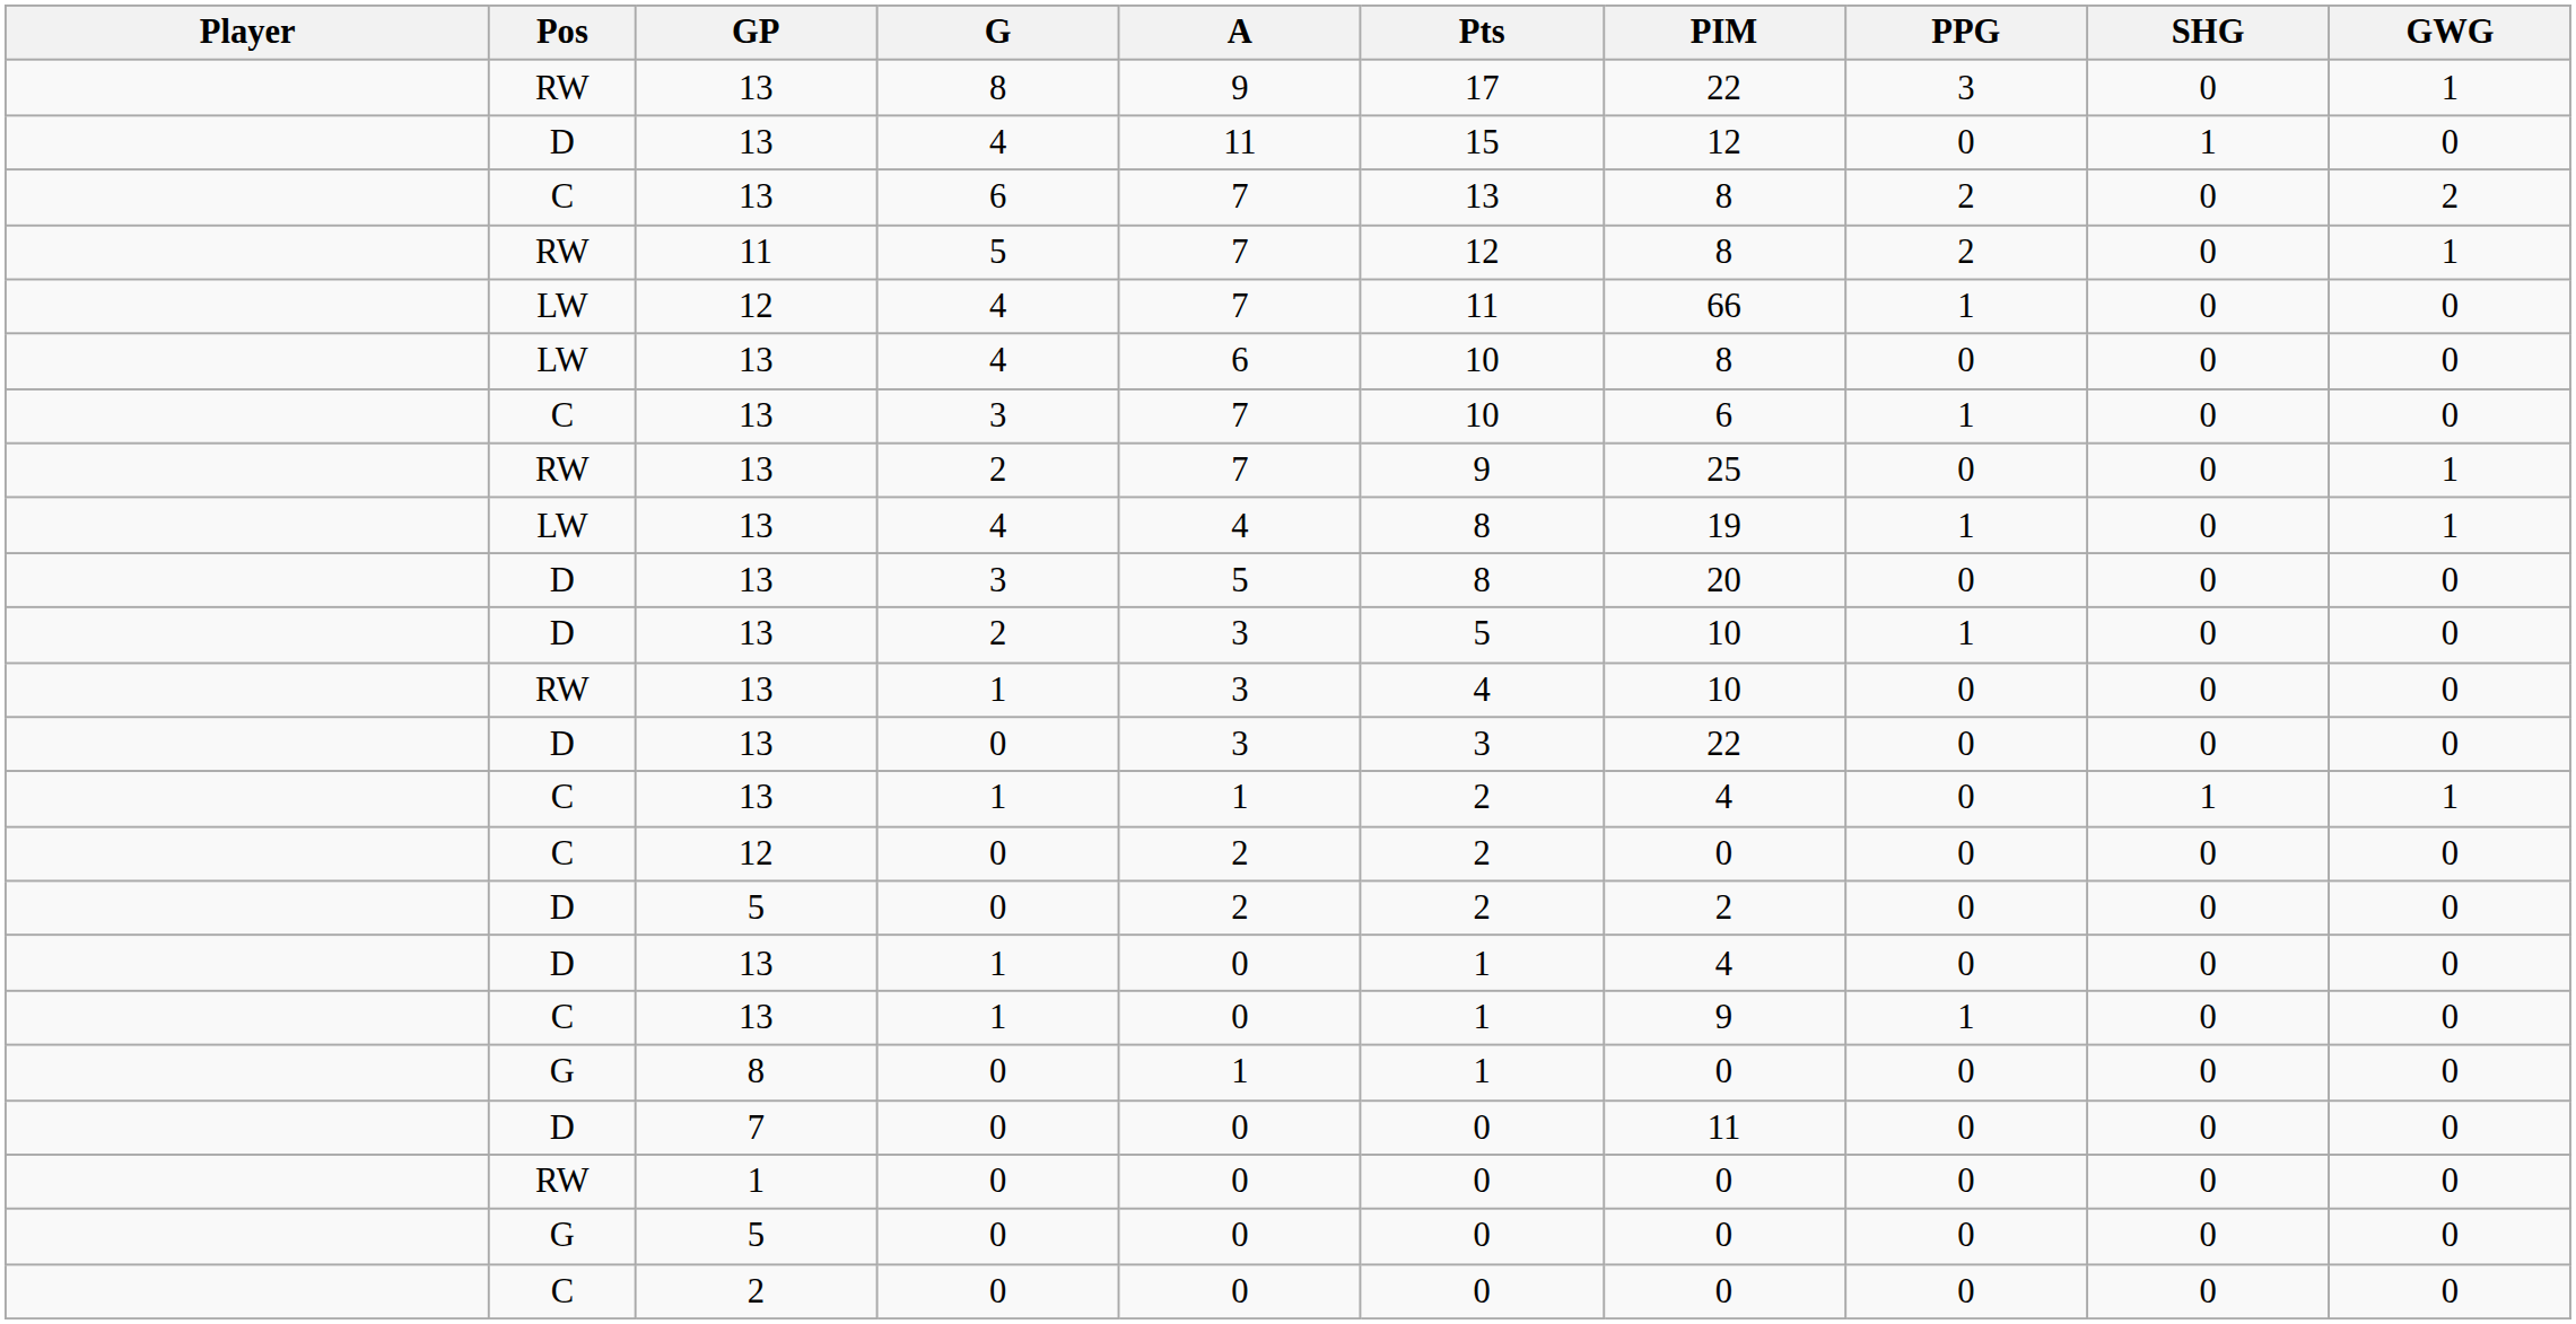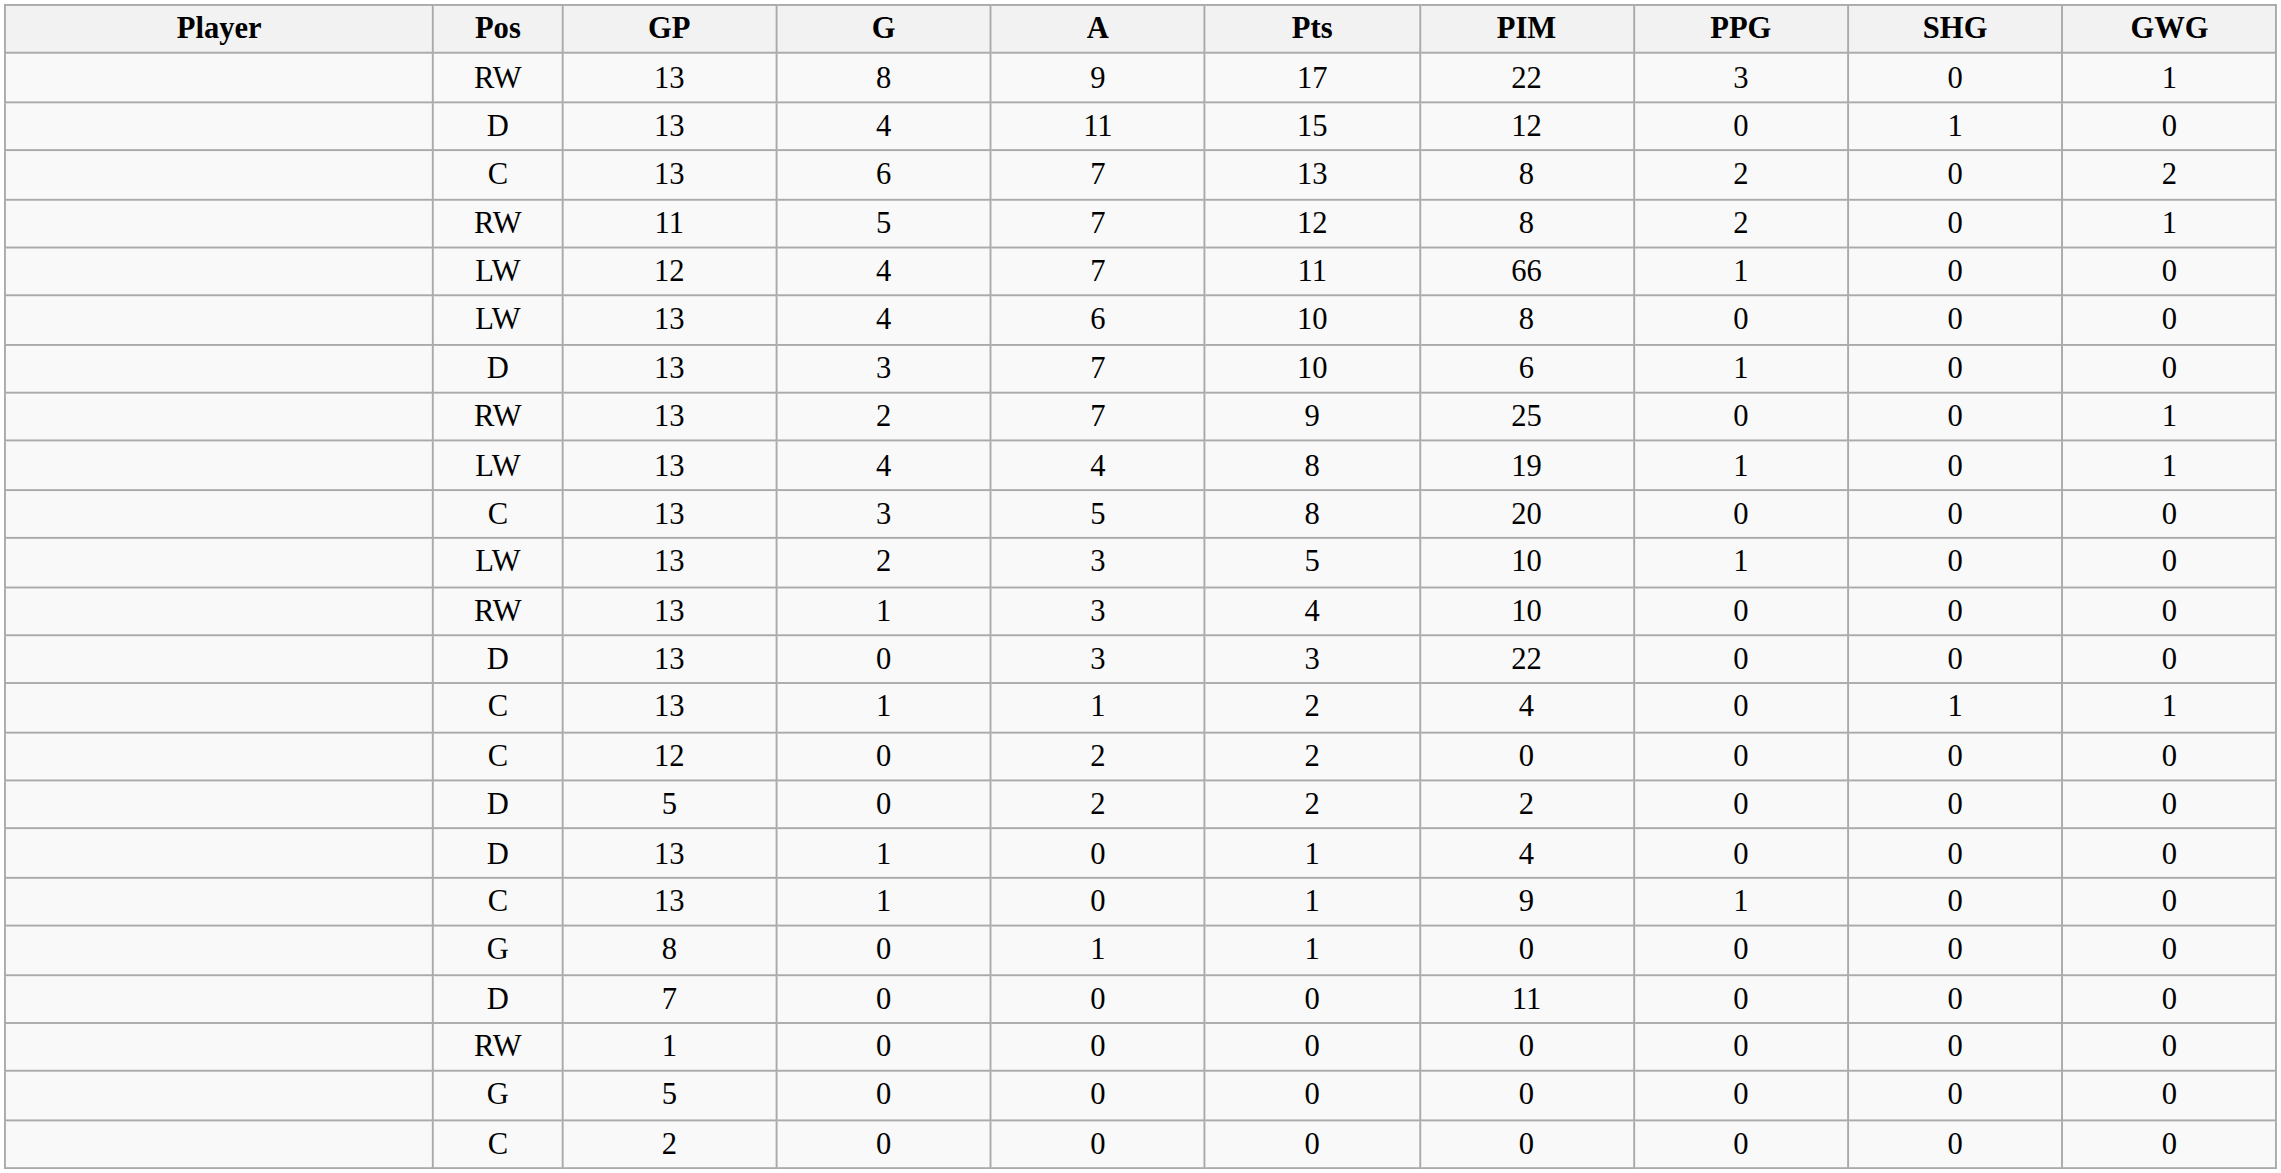 <table class="wikitable sortable" width="60%">
 <tr ALIGN="center">
 <th bgcolor="#DDDDFF" width="10%">Player</th>
 <th bgcolor="#DDDDFF" width="3%" title="Position">Pos</th>
 <th bgcolor="#DDDDFF" width="5%" title="Games played">GP</th>
 <th bgcolor="#DDDDFF" width="5%" title="Goals">G</th>
 <th bgcolor="#DDDDFF" width="5%" title="Assists">A</th>
 <th bgcolor="#DDDDFF" width="5%" title="Points">Pts</th>
 <th bgcolor="#DDDDFF" width="5%" title="Penalties in Minutes">PIM</th>
 <th bgcolor="#DDDDFF" width="5%" title="Power play goals">PPG</th>
 <th bgcolor="#DDDDFF" width="5%" title="Short-handed goals">SHG</th>
 <th bgcolor="#DDDDFF" width="5%" title="Game-winning goals">GWG</th>
 </tr>
 <tr align="center">
 <td align="right"></td>
 <td>RW</td>
 <td>13</td>
 <td>8</td>
 <td>9</td>
 <td>17</td>
 <td>22</td>
 <td>3</td>
 <td>0</td>
 <td>1</td>
 </tr>
 <tr align="center">
 <td align="right"></td>
 <td>D</td>
 <td>13</td>
 <td>4</td>
 <td>11</td>
 <td>15</td>
 <td>12</td>
 <td>0</td>
 <td>1</td>
 <td>0</td>
 </tr>
 <tr align="center">
 <td align="right"></td>
 <td>C</td>
 <td>13</td>
 <td>6</td>
 <td>7</td>
 <td>13</td>
 <td>8</td>
 <td>2</td>
 <td>0</td>
 <td>2</td>
 </tr>
 <tr align="center">
 <td align="right"></td>
 <td>RW</td>
 <td>11</td>
 <td>5</td>
 <td>7</td>
 <td>12</td>
 <td>8</td>
 <td>2</td>
 <td>0</td>
 <td>1</td>
 </tr>
 <tr align="center">
 <td align="right"></td>
 <td>LW</td>
 <td>12</td>
 <td>4</td>
 <td>7</td>
 <td>11</td>
 <td>66</td>
 <td>1</td>
 <td>0</td>
 <td>0</td>
 </tr>
 <tr align="center">
 <td align="right"></td>
 <td>LW</td>
 <td>13</td>
 <td>4</td>
 <td>6</td>
 <td>10</td>
 <td>8</td>
 <td>0</td>
 <td>0</td>
 <td>0</td>
 </tr>
 <tr align="center">
 <td align="right"></td>
-<td>C</td>
+<td>D</td>
 <td>13</td>
 <td>3</td>
 <td>7</td>
 <td>10</td>
 <td>6</td>
 <td>1</td>
 <td>0</td>
 <td>0</td>
 </tr>
 <tr align="center">
 <td align="right"></td>
 <td>RW</td>
 <td>13</td>
 <td>2</td>
 <td>7</td>
 <td>9</td>
 <td>25</td>
 <td>0</td>
 <td>0</td>
 <td>1</td>
 </tr>
 <tr align="center">
 <td align="right"></td>
 <td>LW</td>
 <td>13</td>
 <td>4</td>
 <td>4</td>
 <td>8</td>
 <td>19</td>
 <td>1</td>
 <td>0</td>
 <td>1</td>
 </tr>
 <tr align="center">
 <td align="right"></td>
-<td>D</td>
+<td>C</td>
 <td>13</td>
 <td>3</td>
 <td>5</td>
 <td>8</td>
 <td>20</td>
 <td>0</td>
 <td>0</td>
 <td>0</td>
 </tr>
 <tr align="center">
 <td align="right"></td>
-<td>D</td>
+<td>LW</td>
 <td>13</td>
 <td>2</td>
 <td>3</td>
 <td>5</td>
 <td>10</td>
 <td>1</td>
 <td>0</td>
 <td>0</td>
 </tr>
 <tr align="center">
 <td align="right"></td>
 <td>RW</td>
 <td>13</td>
 <td>1</td>
 <td>3</td>
 <td>4</td>
 <td>10</td>
 <td>0</td>
 <td>0</td>
 <td>0</td>
 </tr>
 <tr align="center">
 <td align="right"></td>
 <td>D</td>
 <td>13</td>
 <td>0</td>
 <td>3</td>
 <td>3</td>
 <td>22</td>
 <td>0</td>
 <td>0</td>
 <td>0</td>
 </tr>
 <tr align="center">
 <td align="right"></td>
 <td>C</td>
 <td>13</td>
 <td>1</td>
 <td>1</td>
 <td>2</td>
 <td>4</td>
 <td>0</td>
 <td>1</td>
 <td>1</td>
 </tr>
 <tr align="center">
 <td align="right"></td>
 <td>C</td>
 <td>12</td>
 <td>0</td>
 <td>2</td>
 <td>2</td>
 <td>0</td>
 <td>0</td>
 <td>0</td>
 <td>0</td>
 </tr>
 <tr align="center">
 <td align="right"></td>
 <td>D</td>
 <td>5</td>
 <td>0</td>
 <td>2</td>
 <td>2</td>
 <td>2</td>
 <td>0</td>
 <td>0</td>
 <td>0</td>
 </tr>
 <tr align="center">
 <td align="right"></td>
 <td>D</td>
 <td>13</td>
 <td>1</td>
 <td>0</td>
 <td>1</td>
 <td>4</td>
 <td>0</td>
 <td>0</td>
 <td>0</td>
 </tr>
 <tr align="center">
 <td align="right"></td>
 <td>C</td>
 <td>13</td>
 <td>1</td>
 <td>0</td>
 <td>1</td>
 <td>9</td>
 <td>1</td>
 <td>0</td>
 <td>0</td>
 </tr>
 <tr align="center">
 <td align="right"></td>
 <td>G</td>
 <td>8</td>
 <td>0</td>
 <td>1</td>
 <td>1</td>
 <td>0</td>
 <td>0</td>
 <td>0</td>
 <td>0</td>
 </tr>
 <tr align="center">
 <td align="right"></td>
 <td>D</td>
 <td>7</td>
 <td>0</td>
 <td>0</td>
 <td>0</td>
 <td>11</td>
 <td>0</td>
 <td>0</td>
 <td>0</td>
 </tr>
 <tr align="center">
 <td align="right"></td>
 <td>RW</td>
 <td>1</td>
 <td>0</td>
 <td>0</td>
 <td>0</td>
 <td>0</td>
 <td>0</td>
 <td>0</td>
 <td>0</td>
 </tr>
 <tr align="center">
 <td align="right"></td>
 <td>G</td>
 <td>5</td>
 <td>0</td>
 <td>0</td>
 <td>0</td>
 <td>0</td>
 <td>0</td>
 <td>0</td>
 <td>0</td>
 </tr>
 <tr align="center">
 <td align="right"></td>
 <td>C</td>
 <td>2</td>
 <td>0</td>
 <td>0</td>
 <td>0</td>
 <td>0</td>
 <td>0</td>
 <td>0</td>
 <td>0</td>
 </tr>
 </table>
